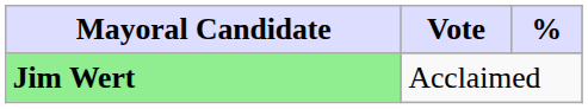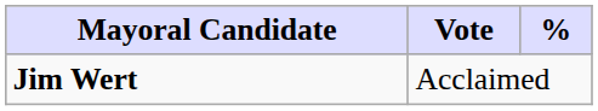 <table class="wikitable">
 <tr>
 <th style="background:#ddf; width:200px;">Mayoral Candidate</th>
 <th style="background:#ddf; width:50px;">Vote</th>
 <th style="background:#ddf; width:30px;">%</th>
 </tr>
 <tr>
-<td style="background: lightgreen;"><strong>Jim Wert</strong></td>
+<td><strong>Jim Wert</strong></td>
 <td colspan="2">Acclaimed</td>
 </tr>
 </table>
